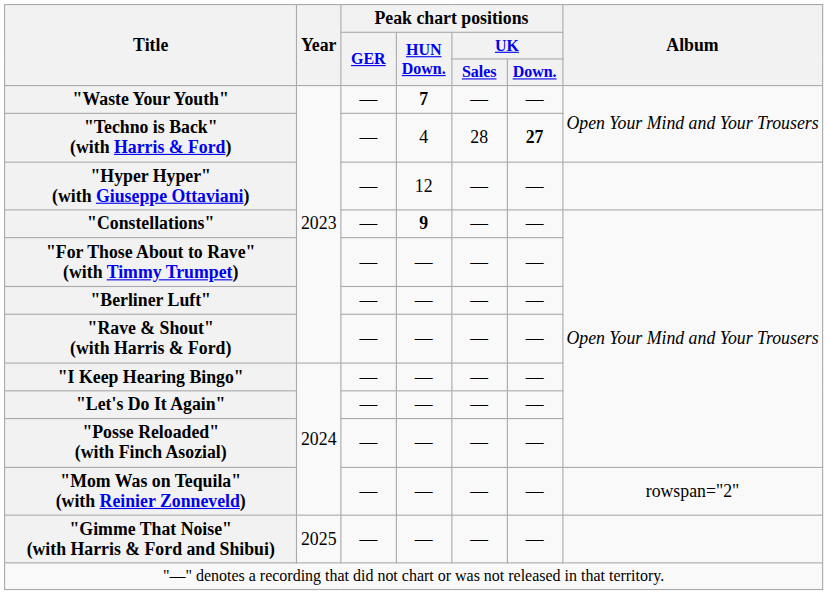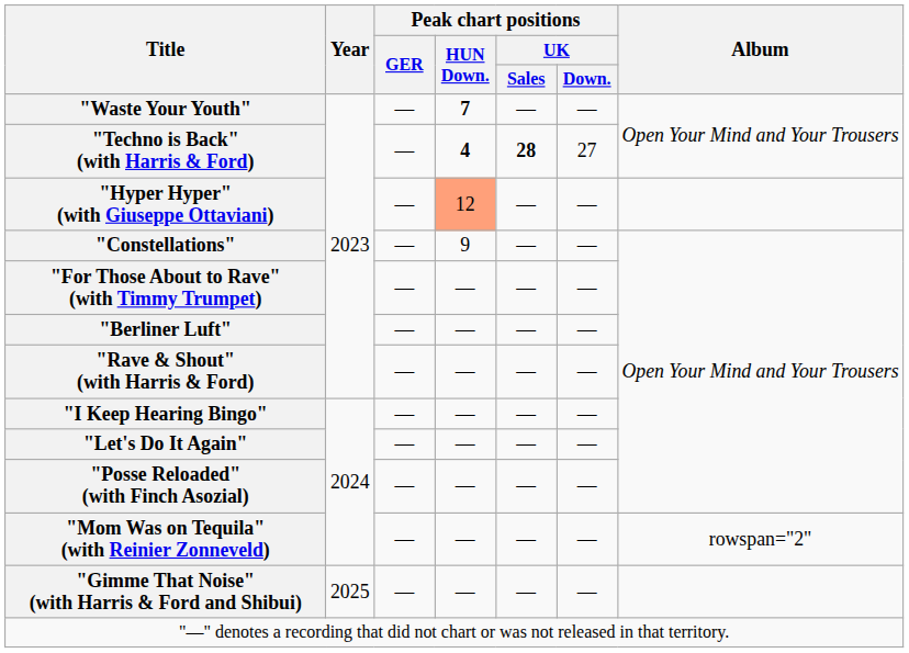 <table class="wikitable plainrowheaders" style="text-align:center;">
 <tr>
 <th rowspan="3" scope="col" style="width:16em;">Title</th>
 <th rowspan="3" scope="col">Year</th>
 <th colspan="4" scope="col">Peak chart positions</th>
 <th rowspan="3" scope="col">Album</th>
 </tr>
 <tr>
 <th rowspan="2" style="width:3em;font-size:90%"><a href='#'>GER</a><br></th>
 <th rowspan="2" style="width:3em;font-size:90%"><a href='#'>HUN Down.</a><br></th>
 <th colspan="2" style="width:3em;font-size:90%"><a href='#'>UK</a></th>
 </tr>
 <tr>
 <th style="width:3em;font-size:90%"><a href='#'>Sales</a>  </th>
 <th style="width:3em;font-size:90%"><a href='#'>Down.</a></th>
 </tr>
 <tr>
 <th scope="row">"Waste Your Youth"</th>
 <td rowspan="7">2023</td>
 <td>—</td>
 <td><strong>7</strong></td>
 <td>—</td>
 <td>—</td>
 <td rowspan="2"><em>Open Your Mind and Your Trousers</em></td>
 </tr>
 <tr>
 <th scope="row">"Techno is Back"<br><span>(with <a href='#'>Harris & Ford</a>)</span></th>
 <td>—</td>
-<td>4</td>
-<td>28</td>
-<td><strong>27</strong></td>
+<td><strong>4</strong></td>
+<td><strong>28</strong></td>
+<td>27</td>
 </tr>
 <tr>
 <th scope="row">"Hyper Hyper"<br><span>(with <a href='#'>Giuseppe Ottaviani</a>)</span></th>
 <td>—</td>
-<td>12</td>
+<td style="background: lightsalmon;">12</td>
 <td>—</td>
 <td —>—</td>
 </tr>
 <tr>
 <th scope="row">"Constellations"</th>
 <td>—</td>
-<td><strong>9</strong></td>
+<td>9</td>
 <td>—</td>
 <td>—</td>
 <td rowspan="7"><em>Open Your Mind and Your Trousers</em></td>
 </tr>
 <tr>
 <th scope="row">"For Those About to Rave"<br><span>(with <a href='#'>Timmy Trumpet</a>)</span></th>
 <td>—</td>
 <td>—</td>
 <td>—</td>
 <td>—</td>
 </tr>
 <tr>
 <th scope="row">"Berliner Luft"</th>
 <td>—</td>
 <td>—</td>
 <td>—</td>
 <td>—</td>
 </tr>
 <tr>
 <th scope="row">"Rave & Shout"<br><span>(with Harris & Ford)</span></th>
 <td>—</td>
 <td>—</td>
 <td>—</td>
 <td>—</td>
 </tr>
 <tr>
 <th scope="row">"I Keep Hearing Bingo"</th>
 <td rowspan="4">2024</td>
 <td>—</td>
 <td>—</td>
 <td>—</td>
 <td>—</td>
 </tr>
 <tr>
 <th scope="row">"Let's Do It Again"</th>
 <td>—</td>
 <td>—</td>
 <td>—</td>
 <td>—</td>
 </tr>
 <tr>
 <th scope="row">"Posse Reloaded"<br><span>(with Finch Asozial)</span></th>
 <td>—</td>
 <td>—</td>
 <td>—</td>
 <td>—</td>
 </tr>
 <tr>
 <th scope="row">"Mom Was on Tequila"<br><span>(with <a href='#'>Reinier Zonneveld</a>)</span></th>
 <td>—</td>
 <td>—</td>
 <td>—</td>
 <td>—</td>
 <td>rowspan="2" </td>
 </tr>
 <tr>
 <th scope="row">"Gimme That Noise"<br><span>(with Harris & Ford and Shibui)</span></th>
 <td>2025</td>
 <td>—</td>
 <td>—</td>
 <td>—</td>
 <td>—</td>
 </tr>
 <tr>
 <td colspan="10" style="font-size:90%">"—" denotes a recording that did not chart or was not released in that territory.</td>
 </tr>
 </table>
